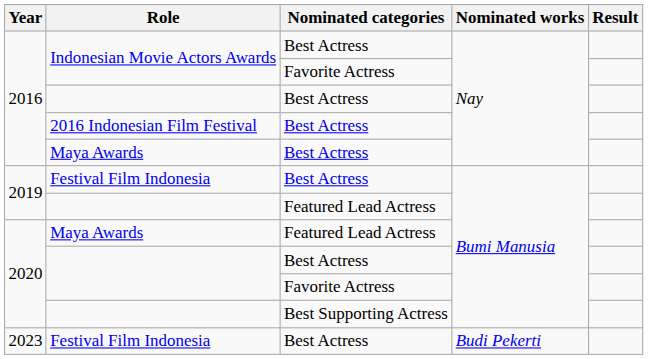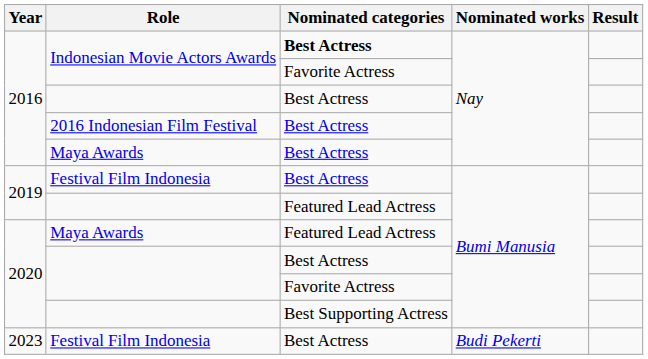 <table class="wikitable">
 <tr>
 <th>Year</th>
 <th>Role</th>
 <th>Nominated categories</th>
 <th>Nominated works</th>
 <th>Result</th>
 </tr>
 <tr>
 <td rowspan="5">2016</td>
 <td rowspan="2"><a href='#'>Indonesian Movie Actors Awards</a></td>
-<td>Best Actress</td>
+<td><strong>Best Actress</strong></td>
 <td rowspan="5"><em>Nay</em></td>
 <td></td>
 </tr>
 <tr>
 <td>Favorite Actress</td>
 <td></td>
 </tr>
 <tr>
 <td></td>
 <td>Best Actress</td>
 <td></td>
 </tr>
 <tr>
 <td><a href='#'>2016 Indonesian Film Festival</a></td>
 <td><a href='#'>Best Actress</a></td>
 <td></td>
 </tr>
 <tr>
 <td><a href='#'>Maya Awards</a></td>
 <td><a href='#'>Best Actress</a></td>
 <td></td>
 </tr>
 <tr>
 <td rowspan="2">2019</td>
 <td><a href='#'>Festival Film Indonesia</a></td>
 <td><a href='#'>Best Actress</a></td>
 <td rowspan="6"><em><a href='#'>Bumi Manusia</a></em></td>
 <td></td>
 </tr>
 <tr>
 <td></td>
 <td>Featured Lead Actress</td>
 <td></td>
 </tr>
 <tr>
 <td rowspan="4">2020</td>
 <td><a href='#'>Maya Awards</a></td>
 <td>Featured Lead Actress</td>
 <td></td>
 </tr>
 <tr>
 <td rowspan="2"></td>
 <td>Best Actress</td>
 <td></td>
 </tr>
 <tr>
 <td>Favorite Actress</td>
 <td></td>
 </tr>
 <tr>
 <td></td>
 <td>Best Supporting Actress</td>
 <td></td>
 </tr>
 <tr>
 <td>2023</td>
 <td><a href='#'>Festival Film Indonesia</a></td>
 <td>Best Actress</td>
 <td><em><a href='#'>Budi Pekerti</a></em></td>
 <td></td>
 </tr>
 </table>
